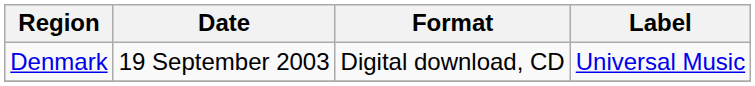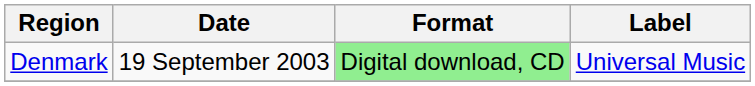 <table class=wikitable>
 <tr>
 <th>Region</th>
 <th>Date</th>
 <th>Format</th>
 <th>Label</th>
 </tr>
 <tr>
 <td><a href='#'>Denmark</a></td>
 <td>19 September 2003</td>
-<td>Digital download, CD</td>
+<td style="background: lightgreen;">Digital download, CD</td>
 <td><a href='#'>Universal Music</a></td>
 </tr>
 <tr>
 </tr>
 </table>
